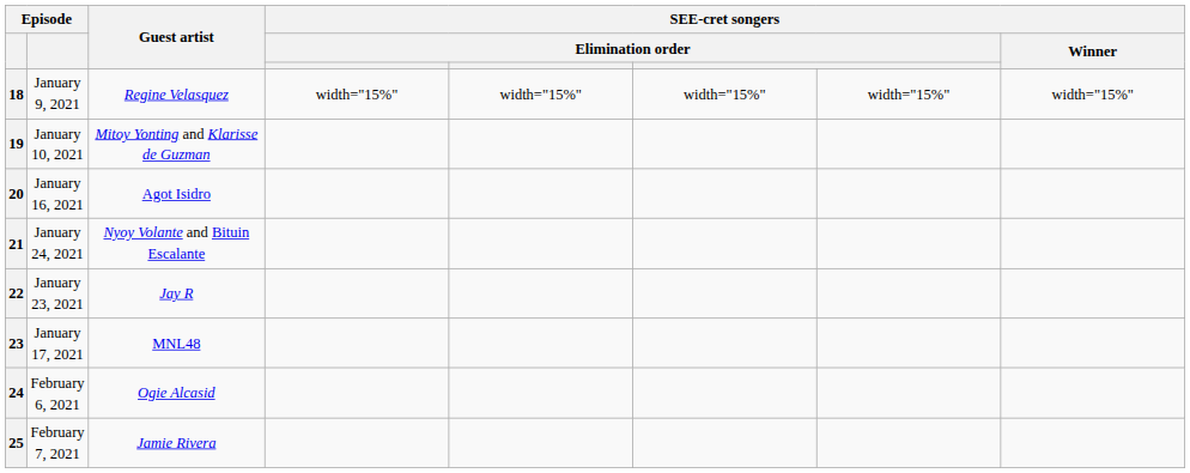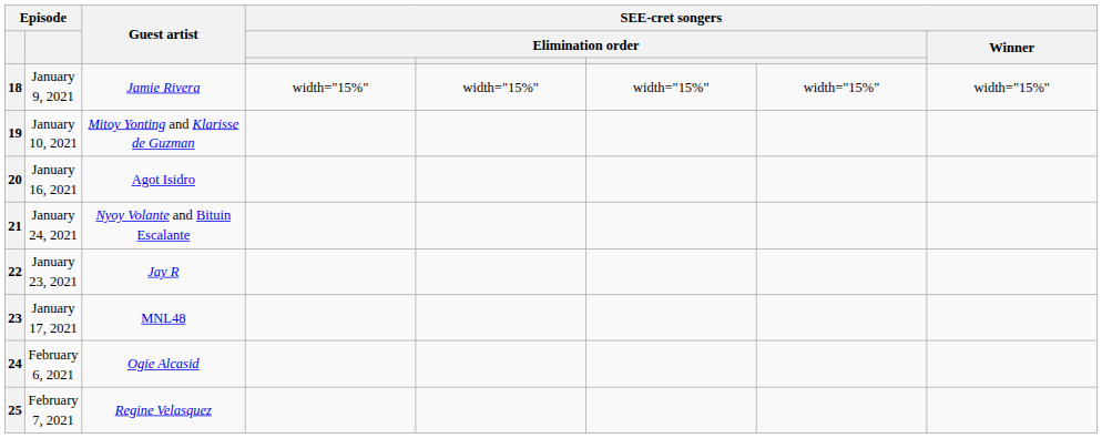 <table class="wikitable plainrowheaders mw-collapsible" style="text-align:center; line-height:23px; width:100%;">
 <tr>
 <th colspan="2" width="1%">Episode</th>
 <th rowspan="3" width="15%">Guest artist</th>
 <th colspan="5">SEE-cret songers<br></th>
 </tr>
 <tr>
 <th rowspan="2"></th>
 <th rowspan="2"></th>
 <th colspan="4">Elimination order</th>
 <th rowspan="2">Winner</th>
 </tr>
 <tr>
 <th></th>
 <th></th>
 <th colspan="2"></th>
 </tr>
 <tr>
 <th>18</th>
 <td>January 9, 2021</td>
-<td><em><a href='#'>Regine Velasquez</a></em></td>
+<td><em><a href='#'>Jamie Rivera</a></em></td>
 <td>width="15%" </td>
 <td>width="15%" </td>
 <td>width="15%" </td>
 <td>width="15%" </td>
 <td>width="15%" </td>
 </tr>
 <tr>
 <th>19</th>
 <td>January 10, 2021</td>
 <td><em><a href='#'>Mitoy Yonting</a></em> and <em><a href='#'>Klarisse de Guzman</a></em></td>
 <td></td>
 <td></td>
 <td></td>
 <td></td>
 <td></td>
 </tr>
 <tr>
 <th>20</th>
 <td>January 16, 2021</td>
 <td><a href='#'>Agot Isidro</a></td>
 <td></td>
 <td></td>
 <td></td>
 <td></td>
 <td></td>
 </tr>
 <tr>
 <th>21</th>
 <td>January 24, 2021</td>
 <td><em><a href='#'>Nyoy Volante</a></em> and <a href='#'>Bituin Escalante</a></td>
 <td></td>
 <td></td>
 <td></td>
 <td></td>
 <td></td>
 </tr>
 <tr>
 <th>22</th>
 <td>January 23, 2021</td>
 <td><em><a href='#'>Jay R</a></em></td>
 <td></td>
 <td></td>
 <td></td>
 <td></td>
 <td></td>
 </tr>
 <tr>
 <th>23</th>
 <td>January 17, 2021</td>
 <td><a href='#'>MNL48</a></td>
 <td></td>
 <td></td>
 <td></td>
 <td></td>
 <td></td>
 </tr>
 <tr>
 <th>24</th>
 <td>February 6, 2021</td>
 <td><em><a href='#'>Ogie Alcasid</a></em></td>
 <td></td>
 <td></td>
 <td></td>
 <td></td>
 <td></td>
 </tr>
 <tr>
 <th>25</th>
 <td>February 7, 2021</td>
-<td><em><a href='#'>Jamie Rivera</a></em></td>
+<td><em><a href='#'>Regine Velasquez</a></em></td>
 <td></td>
 <td></td>
 <td></td>
 <td></td>
 <td></td>
 </tr>
 </table>
